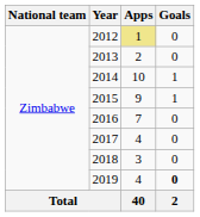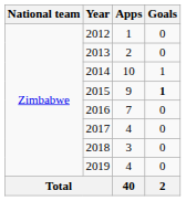 <table class="wikitable" style="text-align:center">
 <tr>
 <th>National team</th>
 <th>Year</th>
 <th>Apps</th>
 <th>Goals</th>
 </tr>
 <tr>
 <td rowspan="8"><a href='#'>Zimbabwe</a></td>
 <td>2012</td>
-<td style="background: khaki;">1</td>
+<td>1</td>
 <td>0</td>
 </tr>
 <tr>
 <td>2013</td>
 <td>2</td>
 <td>0</td>
 </tr>
 <tr>
 <td>2014</td>
 <td>10</td>
 <td>1</td>
 </tr>
 <tr>
 <td>2015</td>
 <td>9</td>
-<td>1</td>
+<td><strong>1</strong></td>
 </tr>
 <tr>
 <td>2016</td>
 <td>7</td>
 <td>0</td>
 </tr>
 <tr>
 <td>2017</td>
 <td>4</td>
 <td>0</td>
 </tr>
 <tr>
 <td>2018</td>
 <td>3</td>
 <td>0</td>
 </tr>
 <tr>
 <td>2019</td>
 <td>4</td>
-<td><strong>0</strong></td>
+<td>0</td>
 </tr>
 <tr>
 <th colspan="2">Total</th>
 <th>40</th>
 <th>2</th>
 </tr>
 </table>
